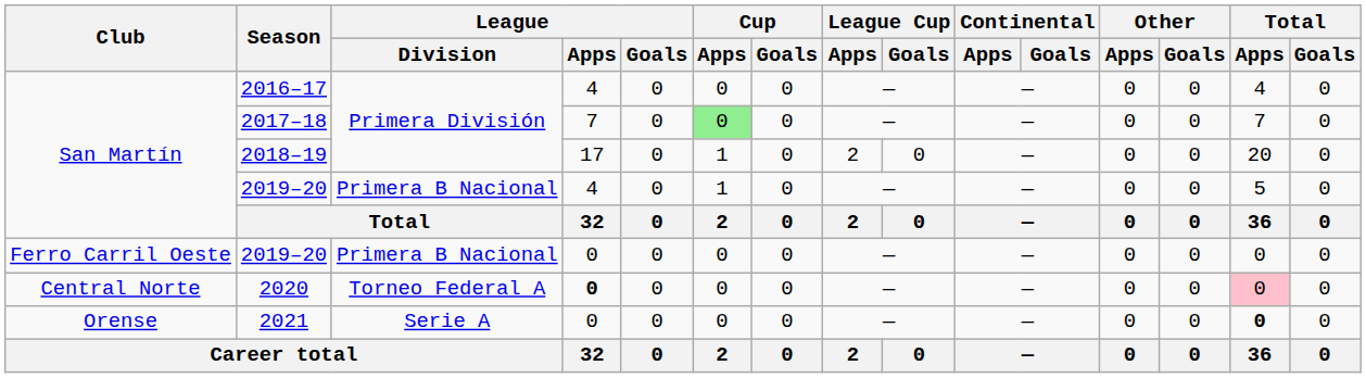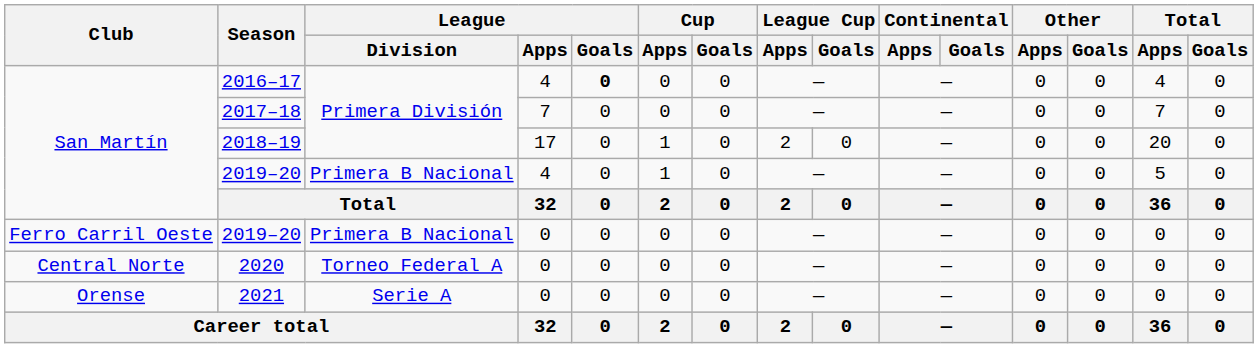 <table class="wikitable" style="text-align:center">
 <tr>
 <th rowspan="2">Club</th>
 <th rowspan="2">Season</th>
 <th colspan="3">League</th>
 <th colspan="2">Cup</th>
 <th colspan="2">League Cup</th>
 <th colspan="2">Continental</th>
 <th colspan="2">Other</th>
 <th colspan="2">Total</th>
 </tr>
 <tr>
 <th>Division</th>
 <th>Apps</th>
 <th>Goals</th>
 <th>Apps</th>
 <th>Goals</th>
 <th>Apps</th>
 <th>Goals</th>
 <th>Apps</th>
 <th>Goals</th>
 <th>Apps</th>
 <th>Goals</th>
 <th>Apps</th>
 <th>Goals</th>
 </tr>
 <tr>
 <td rowspan="5"><a href='#'>San Martín</a></td>
 <td><a href='#'>2016–17</a></td>
 <td rowspan="3"><a href='#'>Primera División</a></td>
 <td>4</td>
-<td>0</td>
+<td><strong>0</strong></td>
 <td>0</td>
 <td>0</td>
 <td colspan="2">—</td>
 <td colspan="2">—</td>
 <td>0</td>
 <td>0</td>
 <td>4</td>
 <td>0</td>
 </tr>
 <tr>
 <td><a href='#'>2017–18</a></td>
 <td>7</td>
 <td>0</td>
-<td style="background: lightgreen;">0</td>
+<td>0</td>
 <td>0</td>
 <td colspan="2">—</td>
 <td colspan="2">—</td>
 <td>0</td>
 <td>0</td>
 <td>7</td>
 <td>0</td>
 </tr>
 <tr>
 <td><a href='#'>2018–19</a></td>
 <td>17</td>
 <td>0</td>
 <td>1</td>
 <td>0</td>
 <td>2</td>
 <td>0</td>
 <td colspan="2">—</td>
 <td>0</td>
 <td>0</td>
 <td>20</td>
 <td>0</td>
 </tr>
 <tr>
 <td><a href='#'>2019–20</a></td>
 <td rowspan="1"><a href='#'>Primera B Nacional</a></td>
 <td>4</td>
 <td>0</td>
 <td>1</td>
 <td>0</td>
 <td colspan="2">—</td>
 <td colspan="2">—</td>
 <td>0</td>
 <td>0</td>
 <td>5</td>
 <td>0</td>
 </tr>
 <tr>
 <th colspan="2">Total</th>
 <th>32</th>
 <th>0</th>
 <th>2</th>
 <th>0</th>
 <th>2</th>
 <th>0</th>
 <th colspan="2">—</th>
 <th>0</th>
 <th>0</th>
 <th>36</th>
 <th>0</th>
 </tr>
 <tr>
 <td rowspan="1"><a href='#'>Ferro Carril Oeste</a></td>
 <td><a href='#'>2019–20</a></td>
 <td rowspan="1"><a href='#'>Primera B Nacional</a></td>
 <td>0</td>
 <td>0</td>
 <td>0</td>
 <td>0</td>
 <td colspan="2">—</td>
 <td colspan="2">—</td>
 <td>0</td>
 <td>0</td>
 <td>0</td>
 <td>0</td>
 </tr>
 <tr>
 <td rowspan="1"><a href='#'>Central Norte</a></td>
 <td><a href='#'>2020</a></td>
 <td rowspan="1"><a href='#'>Torneo Federal A</a></td>
-<td><strong>0</strong></td>
+<td>0</td>
 <td>0</td>
 <td>0</td>
 <td>0</td>
 <td colspan="2">—</td>
 <td colspan="2">—</td>
 <td>0</td>
 <td>0</td>
-<td style="background: pink;">0</td>
+<td>0</td>
 <td>0</td>
 </tr>
 <tr>
 <td rowspan="1"><a href='#'>Orense</a></td>
 <td><a href='#'>2021</a></td>
 <td rowspan="1"><a href='#'>Serie A</a></td>
 <td>0</td>
 <td>0</td>
 <td>0</td>
 <td>0</td>
 <td colspan="2">—</td>
 <td colspan="2">—</td>
 <td>0</td>
 <td>0</td>
-<td><strong>0</strong></td>
+<td>0</td>
 <td>0</td>
 </tr>
 <tr>
 <th colspan="3">Career total</th>
 <th>32</th>
 <th>0</th>
 <th>2</th>
 <th>0</th>
 <th>2</th>
 <th>0</th>
 <th colspan="2">—</th>
 <th>0</th>
 <th>0</th>
 <th>36</th>
 <th>0</th>
 </tr>
 </table>
